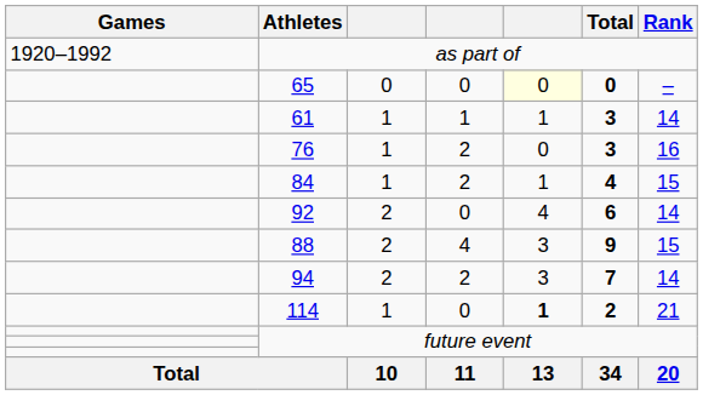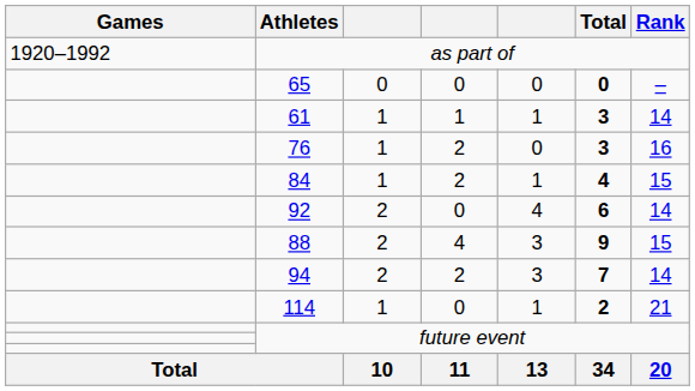 <table class="wikitable" style="text-align:center; font-size:90%;">
 <tr>
 <th style="width:12em;">Games</th>
 <th>Athletes</th>
 <th style="width:3.4em;"><small></small></th>
 <th style="width:3.4em;"><small></small></th>
 <th style="width:3.4em;"><small></small></th>
 <th>Total</th>
 <th><a href='#'>Rank</a></th>
 </tr>
 <tr>
 <td align=left>1920–1992</td>
 <td colspan=6><em>as part of </em></td>
 </tr>
 <tr>
 <td align=left> </td>
 <td><a href='#'>65</a></td>
 <td>0</td>
 <td>0</td>
-<td style="background: lightyellow;">0</td>
+<td>0</td>
 <td><strong>0</strong></td>
 <td><a href='#'>–</a></td>
 </tr>
 <tr>
 <td align=left> </td>
 <td><a href='#'>61</a></td>
 <td>1</td>
 <td>1</td>
 <td>1</td>
 <td><strong>3</strong></td>
 <td><a href='#'>14</a></td>
 </tr>
 <tr>
 <td align=left> </td>
 <td><a href='#'>76</a></td>
 <td>1</td>
 <td>2</td>
 <td>0</td>
 <td><strong>3</strong></td>
 <td><a href='#'>16</a></td>
 </tr>
 <tr>
 <td align=left> </td>
 <td><a href='#'>84</a></td>
 <td>1</td>
 <td>2</td>
 <td>1</td>
 <td><strong>4</strong></td>
 <td><a href='#'>15</a></td>
 </tr>
 <tr>
 <td align=left> </td>
 <td><a href='#'>92</a></td>
 <td>2</td>
 <td>0</td>
 <td>4</td>
 <td><strong>6</strong></td>
 <td><a href='#'>14</a></td>
 </tr>
 <tr>
 <td align=left> </td>
 <td><a href='#'>88</a></td>
 <td>2</td>
 <td>4</td>
 <td>3</td>
 <td><strong>9</strong></td>
 <td><a href='#'>15</a></td>
 </tr>
 <tr>
 <td align=left> </td>
 <td><a href='#'>94</a></td>
 <td>2</td>
 <td>2</td>
 <td>3</td>
 <td><strong>7</strong></td>
 <td><a href='#'>14</a></td>
 </tr>
 <tr>
 <td align=left> </td>
 <td><a href='#'>114</a></td>
 <td>1</td>
 <td>0</td>
-<td><strong>1</strong></td>
+<td>1</td>
 <td><strong>2</strong></td>
 <td><a href='#'>21</a></td>
 </tr>
 <tr>
 <td align=left> </td>
 <td colspan=6; rowspan=3><em>future event</em></td>
 </tr>
 <tr>
 <td align=left> </td>
 </tr>
 <tr>
 <td align=left> </td>
 </tr>
 <tr>
 <th colspan=2>Total</th>
 <th>10</th>
 <th>11</th>
 <th>13</th>
 <th>34</th>
 <th><a href='#'>20</a></th>
 </tr>
 </table>
